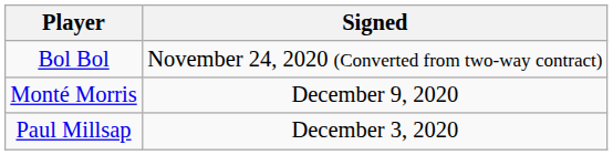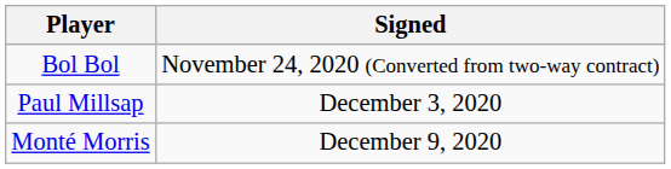 <table class="wikitable sortable sortable" style="text-align: center">
 <tr>
 <th>Player</th>
 <th>Signed</th>
 </tr>
 <tr>
 <td><a href='#'>Bol Bol</a></td>
 <td>November 24, 2020 <small>(Converted from two-way contract)</small></td>
 </tr>
 <tr>
+<td><a href='#'>Paul Millsap</a></td>
+<td>December 3, 2020</td>
+</tr>
+<tr>
 <td><a href='#'>Monté Morris</a></td>
 <td>December 9, 2020</td>
 </tr>
-<tr>
-<td><a href='#'>Paul Millsap</a></td>
-<td>December 3, 2020</td>
-</tr>
 </table>
